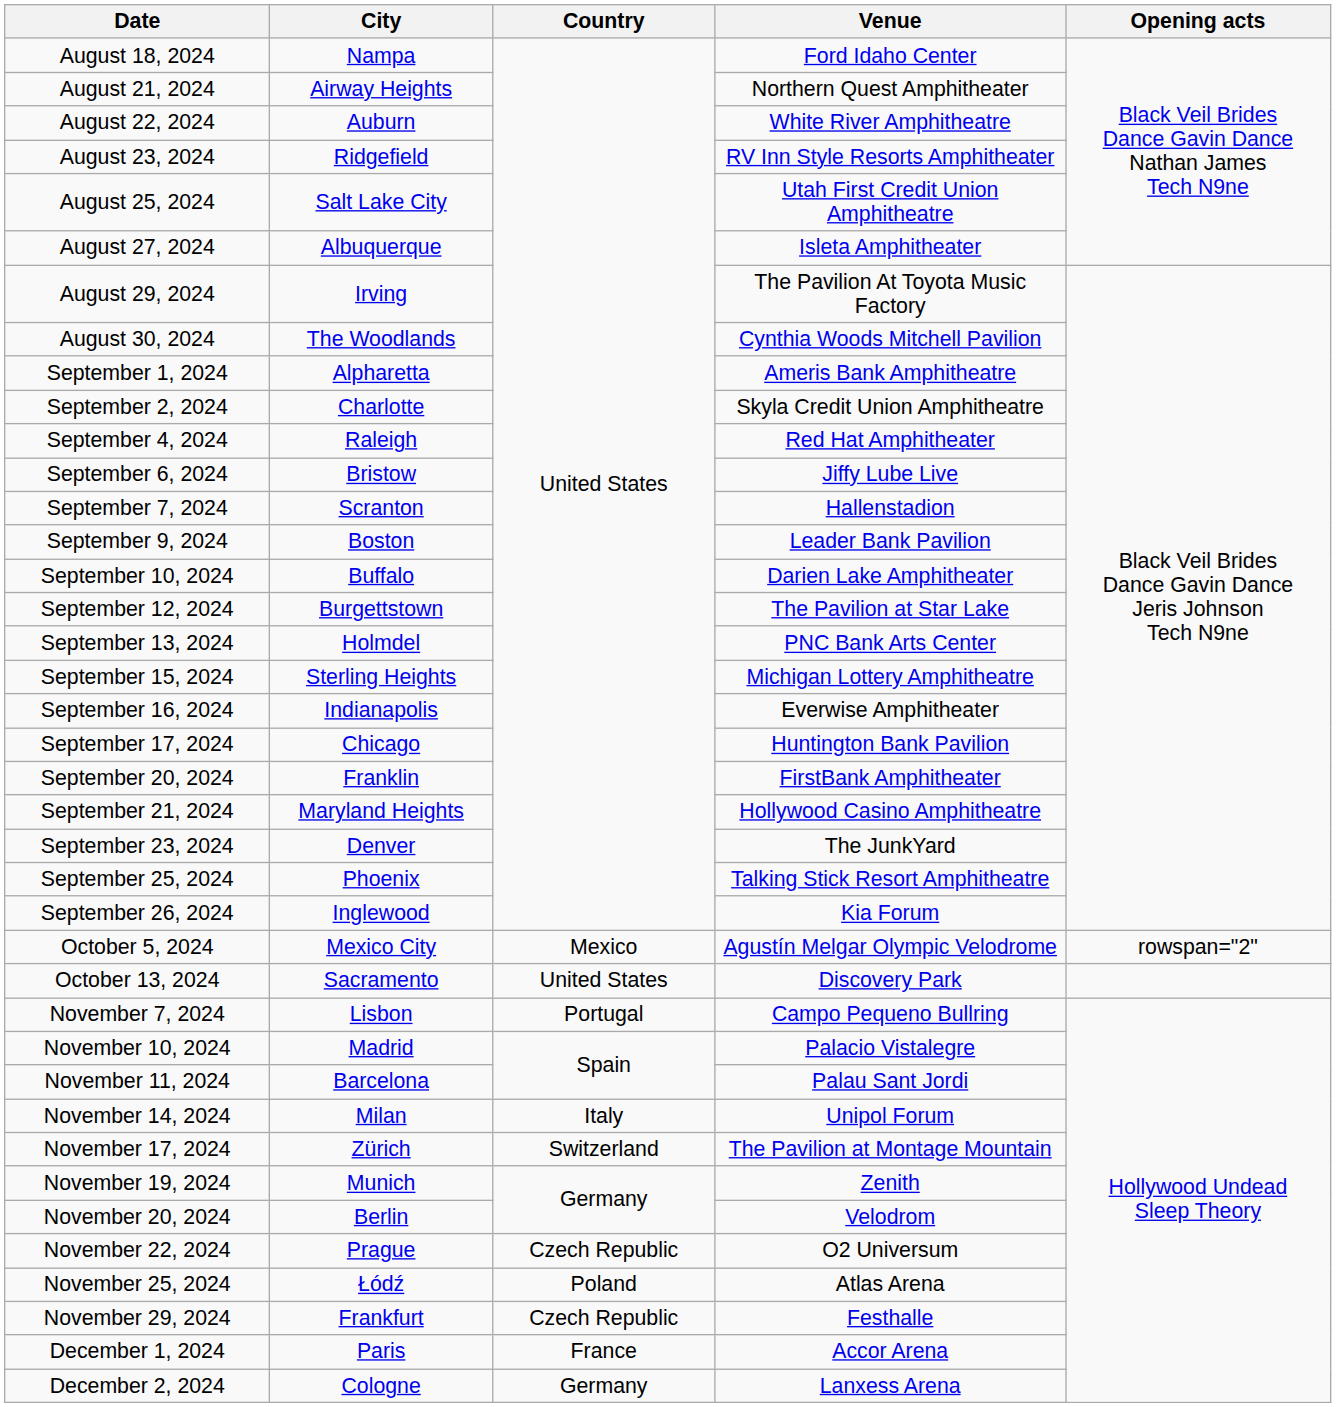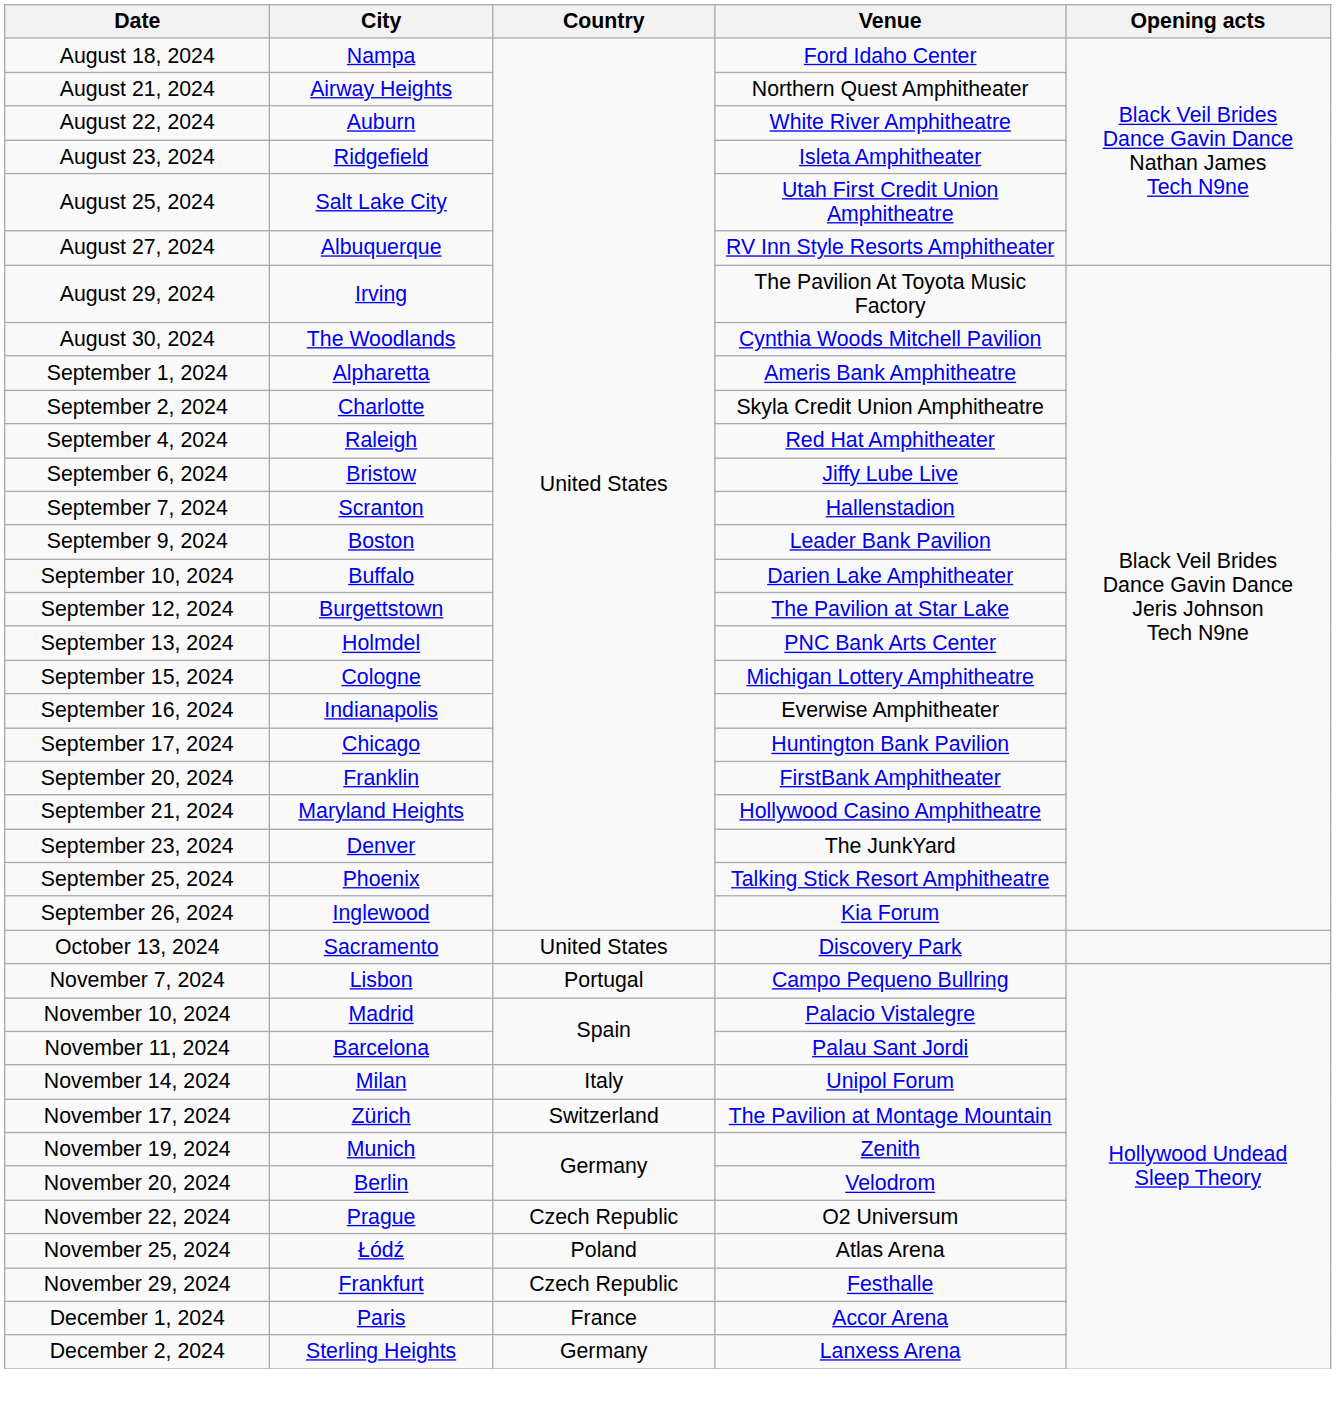 <table class="wikitable" style="text-align:center;">
 <tr>
 <th scope="col" style="width:12em;">Date</th>
 <th scope="col" style="width:10em;">City</th>
 <th scope="col" style="width:10em;">Country</th>
 <th scope="col" style="width:16em;">Venue</th>
 <th scope="col" style="width:12em;">Opening acts</th>
 </tr>
 <tr>
 <td>August 18, 2024</td>
 <td><a href='#'>Nampa</a></td>
 <td rowspan="25">United States</td>
 <td><a href='#'>Ford Idaho Center</a></td>
 <td rowspan="6"><a href='#'>Black Veil Brides</a><br><a href='#'>Dance Gavin Dance</a><br>Nathan James<br><a href='#'>Tech N9ne</a></td>
 </tr>
 <tr>
 <td>August 21, 2024</td>
 <td><a href='#'>Airway Heights</a></td>
 <td>Northern Quest Amphitheater</td>
 </tr>
 <tr>
 <td>August 22, 2024</td>
 <td><a href='#'>Auburn</a></td>
 <td><a href='#'>White River Amphitheatre</a></td>
 </tr>
 <tr>
 <td>August 23, 2024</td>
 <td><a href='#'>Ridgefield</a></td>
-<td><a href='#'>RV Inn Style Resorts Amphitheater</a></td>
+<td><a href='#'>Isleta Amphitheater</a></td>
 </tr>
 <tr>
 <td>August 25, 2024</td>
 <td><a href='#'>Salt Lake City</a></td>
 <td><a href='#'>Utah First Credit Union Amphitheatre</a></td>
 </tr>
 <tr>
 <td>August 27, 2024</td>
 <td><a href='#'>Albuquerque</a></td>
-<td><a href='#'>Isleta Amphitheater</a></td>
+<td><a href='#'>RV Inn Style Resorts Amphitheater</a></td>
 </tr>
 <tr>
 <td>August 29, 2024</td>
 <td><a href='#'>Irving</a></td>
 <td>The Pavilion At Toyota Music Factory</td>
 <td rowspan="19">Black Veil Brides<br>Dance Gavin Dance<br>Jeris Johnson<br>Tech N9ne</td>
 </tr>
 <tr>
 <td>August 30, 2024</td>
 <td><a href='#'>The Woodlands</a></td>
 <td><a href='#'>Cynthia Woods Mitchell Pavilion</a></td>
 </tr>
 <tr>
 <td>September 1, 2024</td>
 <td><a href='#'>Alpharetta</a></td>
 <td><a href='#'>Ameris Bank Amphitheatre</a></td>
 </tr>
 <tr>
 <td>September 2, 2024</td>
 <td><a href='#'>Charlotte</a></td>
 <td>Skyla Credit Union Amphitheatre</td>
 </tr>
 <tr>
 <td>September 4, 2024</td>
 <td><a href='#'>Raleigh</a></td>
 <td><a href='#'>Red Hat Amphitheater</a></td>
 </tr>
 <tr>
 <td>September 6, 2024</td>
 <td><a href='#'>Bristow</a></td>
 <td><a href='#'>Jiffy Lube Live</a></td>
 </tr>
 <tr>
 <td>September 7, 2024</td>
 <td><a href='#'>Scranton</a></td>
 <td><a href='#'>Hallenstadion</a></td>
 </tr>
 <tr>
 <td>September 9, 2024</td>
 <td><a href='#'>Boston</a></td>
 <td><a href='#'>Leader Bank Pavilion</a></td>
 </tr>
 <tr>
 <td>September 10, 2024</td>
 <td><a href='#'>Buffalo</a></td>
 <td><a href='#'>Darien Lake Amphitheater</a></td>
 </tr>
 <tr>
 <td>September 12, 2024</td>
 <td><a href='#'>Burgettstown</a></td>
 <td><a href='#'>The Pavilion at Star Lake</a></td>
 </tr>
 <tr>
 <td>September 13, 2024</td>
 <td><a href='#'>Holmdel</a></td>
 <td><a href='#'>PNC Bank Arts Center</a></td>
 </tr>
 <tr>
 <td>September 15, 2024</td>
-<td><a href='#'>Sterling Heights</a></td>
+<td><a href='#'>Cologne</a></td>
 <td><a href='#'>Michigan Lottery Amphitheatre</a></td>
 </tr>
 <tr>
 <td>September 16, 2024</td>
 <td><a href='#'>Indianapolis</a></td>
 <td>Everwise Amphitheater</td>
 </tr>
 <tr>
 <td>September 17, 2024</td>
 <td><a href='#'>Chicago</a></td>
 <td><a href='#'>Huntington Bank Pavilion</a></td>
 </tr>
 <tr>
 <td>September 20, 2024</td>
 <td><a href='#'>Franklin</a></td>
 <td><a href='#'>FirstBank Amphitheater</a></td>
 </tr>
 <tr>
 <td>September 21, 2024</td>
 <td><a href='#'>Maryland Heights</a></td>
 <td><a href='#'>Hollywood Casino Amphitheatre</a></td>
 </tr>
 <tr>
 <td>September 23, 2024</td>
 <td><a href='#'>Denver</a></td>
 <td>The JunkYard</td>
 </tr>
 <tr>
 <td>September 25, 2024</td>
 <td><a href='#'>Phoenix</a></td>
 <td><a href='#'>Talking Stick Resort Amphitheatre</a></td>
 </tr>
 <tr>
 <td>September 26, 2024</td>
 <td><a href='#'>Inglewood</a></td>
 <td><a href='#'>Kia Forum</a></td>
-</tr>
-<tr>
-<td>October 5, 2024</td>
-<td><a href='#'>Mexico City</a></td>
-<td>Mexico</td>
-<td><a href='#'>Agustín Melgar Olympic Velodrome</a></td>
-<td>rowspan="2" </td>
 </tr>
 <tr>
 <td>October 13, 2024</td>
 <td><a href='#'>Sacramento</a></td>
 <td>United States</td>
 <td><a href='#'>Discovery Park</a></td>
 </tr>
 <tr>
 <td>November 7, 2024</td>
 <td><a href='#'>Lisbon</a></td>
 <td>Portugal</td>
 <td><a href='#'>Campo Pequeno Bullring</a></td>
 <td rowspan="13"><a href='#'>Hollywood Undead</a><br><a href='#'>Sleep Theory</a></td>
 </tr>
 <tr>
 <td>November 10, 2024</td>
 <td><a href='#'>Madrid</a></td>
 <td rowspan="2">Spain</td>
 <td><a href='#'>Palacio Vistalegre</a></td>
 </tr>
 <tr>
 <td>November 11, 2024</td>
 <td><a href='#'>Barcelona</a></td>
 <td><a href='#'>Palau Sant Jordi</a></td>
 </tr>
 <tr>
 <td>November 14, 2024</td>
 <td><a href='#'>Milan</a></td>
 <td>Italy</td>
 <td><a href='#'>Unipol Forum</a></td>
 </tr>
 <tr>
 <td>November 17, 2024</td>
 <td><a href='#'>Zürich</a></td>
 <td>Switzerland</td>
 <td><a href='#'>The Pavilion at Montage Mountain</a></td>
 </tr>
 <tr>
 <td>November 19, 2024</td>
 <td><a href='#'>Munich</a></td>
 <td rowspan="2">Germany</td>
 <td><a href='#'>Zenith</a></td>
 </tr>
 <tr>
 <td>November 20, 2024</td>
 <td><a href='#'>Berlin</a></td>
 <td><a href='#'>Velodrom</a></td>
 </tr>
 <tr>
 <td>November 22, 2024</td>
 <td><a href='#'>Prague</a></td>
 <td>Czech Republic</td>
 <td>O2 Universum</td>
 </tr>
 <tr>
 <td>November 25, 2024</td>
 <td><a href='#'>Łódź</a></td>
 <td>Poland</td>
 <td>Atlas Arena</td>
 </tr>
 <tr>
 <td>November 29, 2024</td>
 <td><a href='#'>Frankfurt</a></td>
 <td>Czech Republic</td>
 <td><a href='#'>Festhalle</a></td>
 </tr>
 <tr>
 <td>December 1, 2024</td>
 <td><a href='#'>Paris</a></td>
 <td>France</td>
 <td><a href='#'>Accor Arena</a></td>
 </tr>
 <tr>
 <td>December 2, 2024</td>
-<td><a href='#'>Cologne</a></td>
+<td><a href='#'>Sterling Heights</a></td>
 <td>Germany</td>
 <td><a href='#'>Lanxess Arena</a></td>
 </tr>
 <tr>
 </tr>
 </table>
